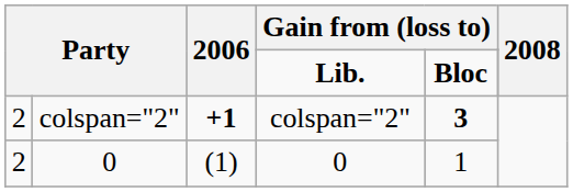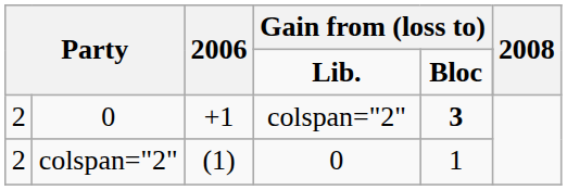 <table class="wikitable" style="text-align:center" align="center">
 <tr>
 <th rowspan="2" colspan="2">Party</th>
 <th rowspan="2">2006</th>
 <th colspan="4">Gain from (loss to)</th>
 <th rowspan="2">2008</th>
 </tr>
 <tr>
 <td><strong>Lib.</strong></td>
 <td><strong>Bloc</strong></td>
 </tr>
 <tr>
 <td>2</td>
-<td>colspan="2" </td>
-<td><strong>+1</strong></td>
+<td>0</td>
+<td>+1</td>
 <td>colspan="2" </td>
 <td><strong>3</strong></td>
 </tr>
 <tr>
 <td>2</td>
-<td>0</td>
+<td>colspan="2" </td>
 <td>(1)</td>
 <td>0</td>
 <td>1</td>
 </tr>
 </table>
